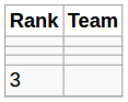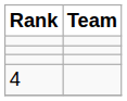 <table class="wikitable collapsible">
 <tr>
 <th style="background:white;">Rank</th>
 <th style="background:white;">Team</th>
 </tr>
 <tr>
 <td></td>
 <td></td>
 </tr>
 <tr>
 <td></td>
 <td></td>
 </tr>
 <tr>
 <td></td>
 <td></td>
 </tr>
 <tr>
-<td>3</td>
+<td>4</td>
 <td></td>
 </tr>
 <tr>
 </tr>
 </table>
